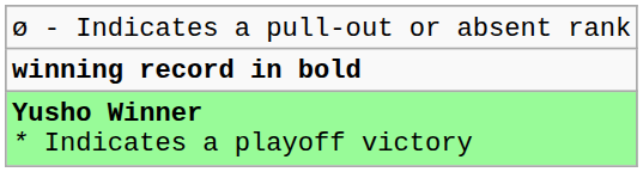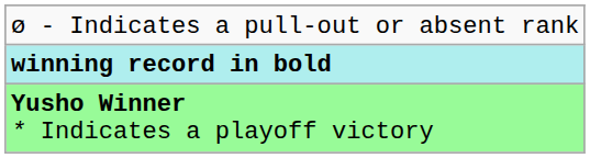 <table class="wikitable">
 <tr>
 <td>ø - Indicates a pull-out or absent rank</td>
 </tr>
 <tr>
-<td><strong>winning record in bold</strong></td>
+<td style="background: paleturquoise;"><strong>winning record in bold</strong></td>
 </tr>
 <tr>
 <td style="background: PaleGreen;"><strong>Yusho Winner</strong><br><em>*</em> Indicates a playoff victory</td>
 </tr>
 </table>
